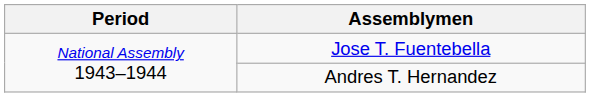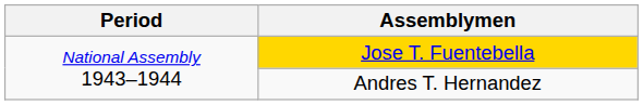 <table class="wikitable" style="text-align:center; width:40%;">
 <tr>
 <th width="40%">Period</th>
 <th>Assemblymen</th>
 </tr>
 <tr>
 <td rowspan="2"><small><a href='#'><em>National Assembly</em></a></small><br>1943–1944</td>
-<td><a href='#'>Jose T. Fuentebella</a></td>
+<td style="background: gold;"><a href='#'>Jose T. Fuentebella</a></td>
 </tr>
 <tr>
 <td>Andres T. Hernandez</td>
 </tr>
 </table>
